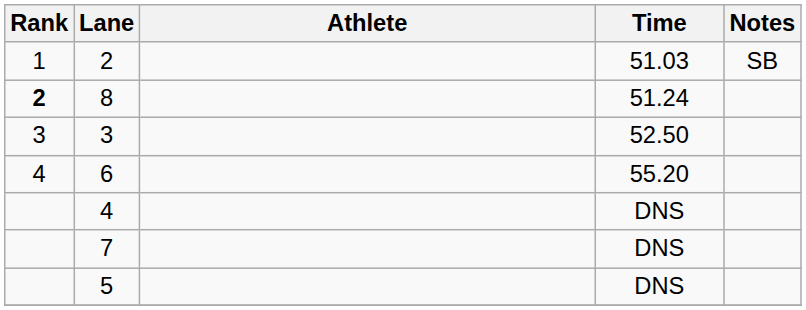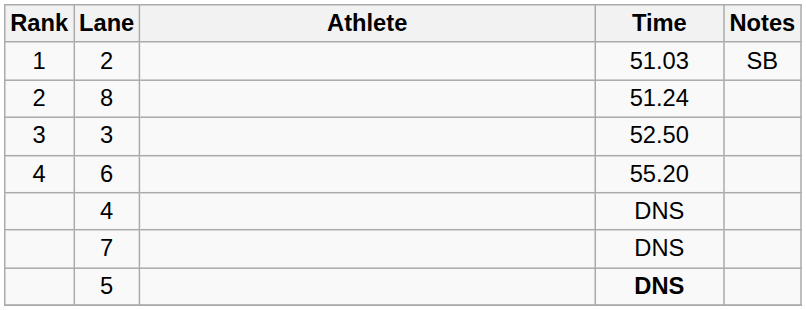 <table class="wikitable" style="text-align:center">
 <tr>
 <th>Rank</th>
 <th>Lane</th>
 <th width=300>Athlete</th>
 <th width=80>Time</th>
 <th>Notes</th>
 </tr>
 <tr>
 <td>1</td>
 <td>2</td>
 <td align=left></td>
 <td>51.03</td>
 <td>SB</td>
 </tr>
 <tr>
-<td><strong>2</strong></td>
+<td>2</td>
 <td>8</td>
 <td align=left></td>
 <td>51.24</td>
 <td></td>
 </tr>
 <tr>
 <td>3</td>
 <td>3</td>
 <td align=left></td>
 <td>52.50</td>
 <td></td>
 </tr>
 <tr>
 <td>4</td>
 <td>6</td>
 <td align=left></td>
 <td>55.20</td>
 <td></td>
 </tr>
 <tr>
 <td></td>
 <td>4</td>
 <td align=left></td>
 <td>DNS</td>
 <td></td>
 </tr>
 <tr>
 <td></td>
 <td>7</td>
 <td align=left></td>
 <td>DNS</td>
 <td></td>
 </tr>
 <tr>
 <td></td>
 <td>5</td>
 <td align=left></td>
-<td>DNS</td>
+<td><strong>DNS</strong></td>
 <td></td>
 </tr>
 <tr>
 </tr>
 </table>
